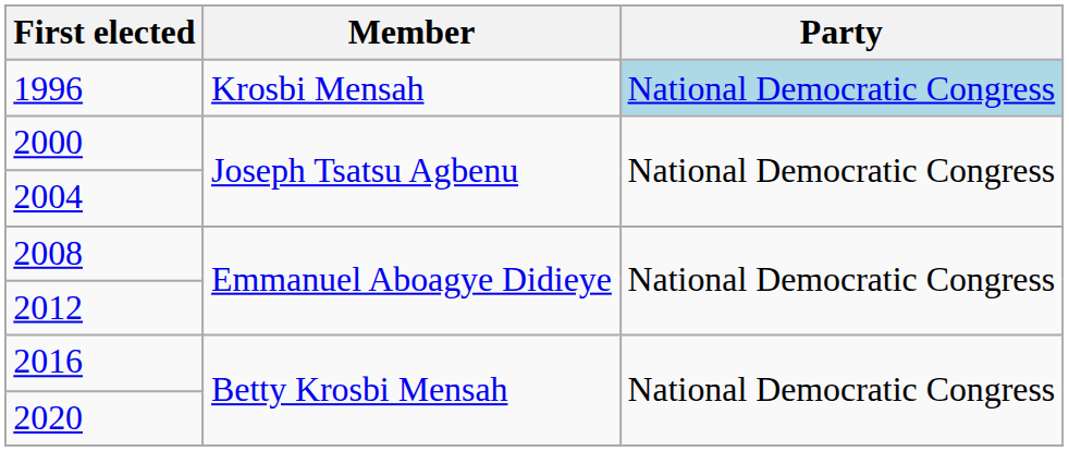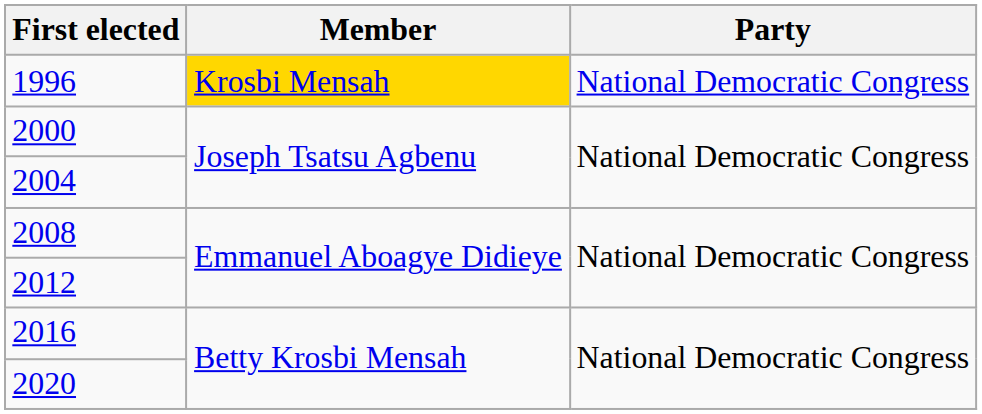 <table class="wikitable">
 <tr>
 <th>First elected</th>
 <th>Member</th>
 <th>Party</th>
 </tr>
 <tr>
 <td><a href='#'>1996</a></td>
-<td><a href='#'>Krosbi Mensah</a></td>
-<td style="background: lightblue;"><a href='#'>National Democratic Congress</a></td>
+<td style="background: gold;"><a href='#'>Krosbi Mensah</a></td>
+<td><a href='#'>National Democratic Congress</a></td>
 </tr>
 <tr>
 <td><a href='#'>2000</a></td>
 <td rowspan="2"><a href='#'>Joseph Tsatsu Agbenu</a></td>
 <td rowspan="2">National Democratic Congress</td>
 </tr>
 <tr>
 <td><a href='#'>2004</a></td>
 </tr>
 <tr>
 <td><a href='#'>2008</a></td>
 <td rowspan="2"><a href='#'>Emmanuel Aboagye Didieye</a></td>
 <td rowspan="2">National Democratic Congress</td>
 </tr>
 <tr>
 <td><a href='#'>2012</a></td>
 </tr>
 <tr>
 <td><a href='#'>2016</a></td>
 <td rowspan="2"><a href='#'>Betty Krosbi Mensah</a></td>
 <td rowspan="2">National Democratic Congress</td>
 </tr>
 <tr>
 <td><a href='#'>2020</a></td>
 </tr>
 </table>
